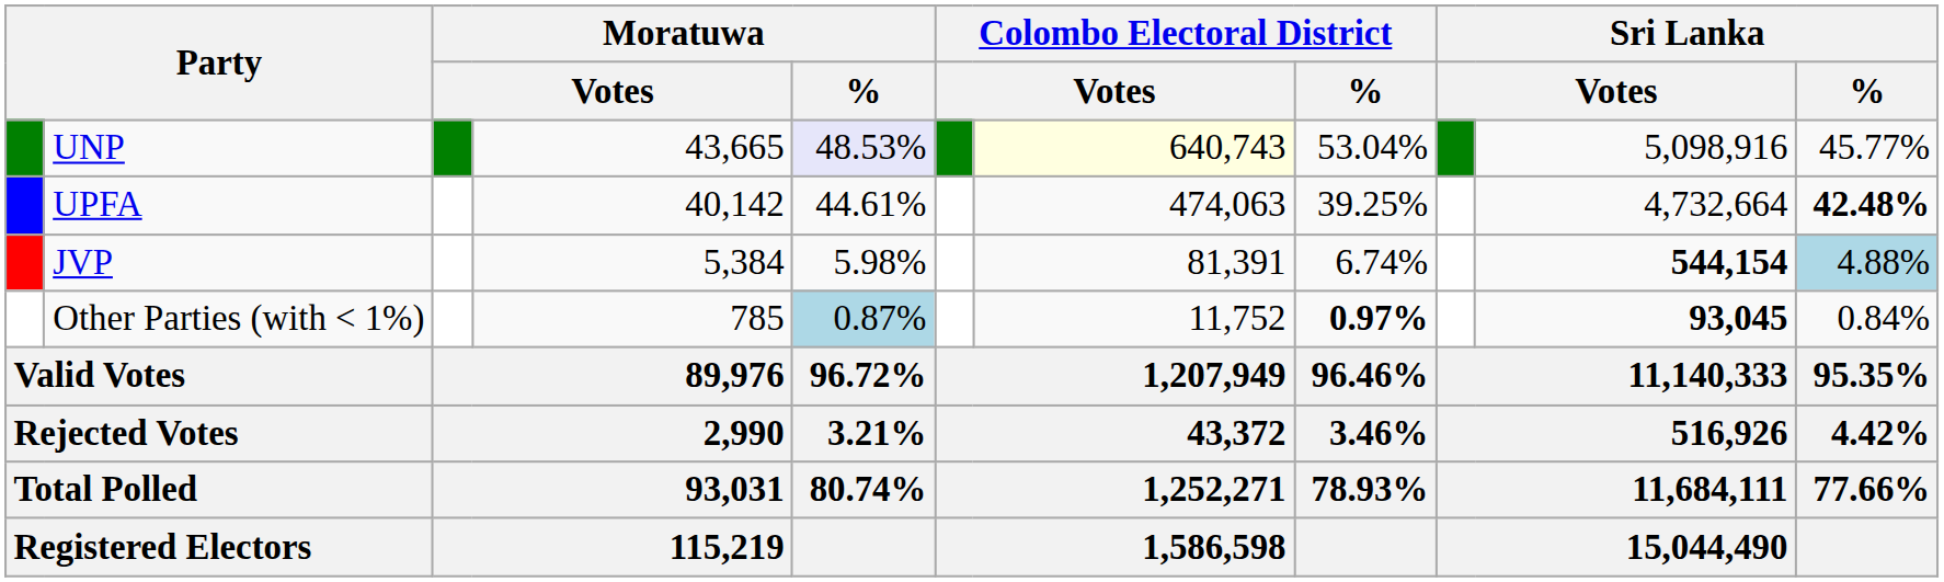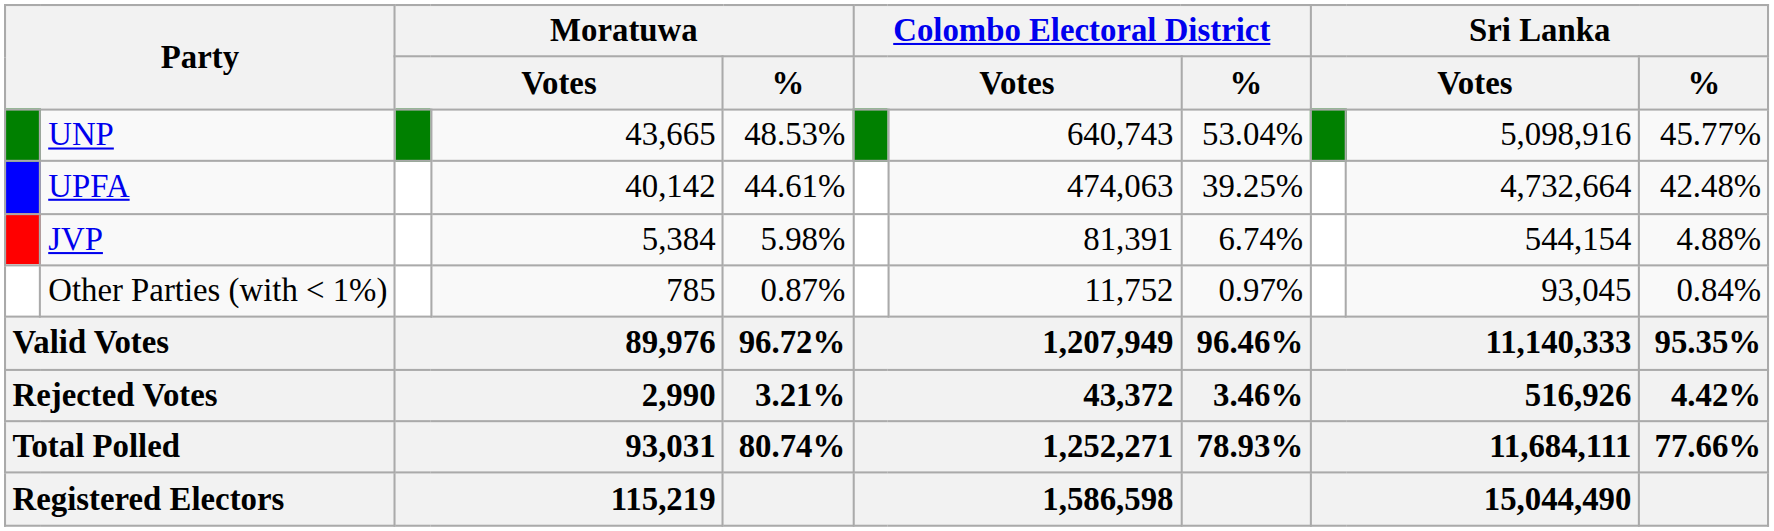 <table class="wikitable">
 <tr>
 <th colspan="2" width="144px"rowspan="2">Party</th>
 <th colspan="3" width="216px">Moratuwa</th>
 <th colspan="3" width="216px"><a href='#'>Colombo Electoral District</a></th>
 <th colspan="3" width="216px">Sri Lanka</th>
 </tr>
 <tr>
 <th colspan="2" width="144px">Votes</th>
 <th>%</th>
 <th colspan="2" width="144px">Votes</th>
 <th>%</th>
 <th colspan="2" width="144px">Votes</th>
 <th>%</th>
 </tr>
 <tr>
 <td style="background-color:green;" width="10px"></td>
 <td style="text-align:left;"><a href='#'>UNP</a></td>
 <td style="background-color:green;" width="10px"></td>
 <td style="text-align:right;">43,665</td>
-<td style="background: lavender; text-align:right;">48.53%</td>
+<td style="text-align:right;">48.53%</td>
 <td style="background-color:green;" width="10px"></td>
-<td style="background: lightyellow; text-align:right;">640,743</td>
+<td style="text-align:right;">640,743</td>
 <td style="text-align:right;">53.04%</td>
 <td style="background-color:green;" width="10px"></td>
 <td style="text-align:right;">5,098,916</td>
 <td style="text-align:right;">45.77%</td>
 </tr>
 <tr>
 <td style="background-color:blue;" width="10px"></td>
 <td style="text-align:left;"><a href='#'>UPFA</a></td>
 <td style="background-color:white;" width="10px"></td>
 <td style="text-align:right;">40,142</td>
 <td style="text-align:right;">44.61%</td>
 <td style="background-color:white;" width="10px"></td>
 <td style="text-align:right;">474,063</td>
 <td style="text-align:right;">39.25%</td>
 <td style="background-color:white;" width="10px"></td>
 <td style="text-align:right;">4,732,664</td>
-<td style="text-align:right;"><strong>42.48%</strong></td>
+<td style="text-align:right;">42.48%</td>
 </tr>
 <tr>
 <td style="background-color:red;" width="10px"></td>
 <td style="text-align:left;"><a href='#'>JVP</a></td>
 <td style="background-color:white;" width="10px"></td>
 <td style="text-align:right;">5,384</td>
 <td style="text-align:right;">5.98%</td>
 <td style="background-color:white;" width="10px"></td>
 <td style="text-align:right;">81,391</td>
 <td style="text-align:right;">6.74%</td>
 <td style="background-color:white;" width="10px"></td>
-<td style="text-align:right;"><strong>544,154</strong></td>
-<td style="background: lightblue; text-align:right;">4.88%</td>
+<td style="text-align:right;">544,154</td>
+<td style="text-align:right;">4.88%</td>
 </tr>
 <tr>
 <td style="background-color:white;" width="10px"></td>
 <td style="text-align:left;">Other Parties (with < 1%)</td>
 <td style="background-color:white;" width="10px"></td>
 <td style="text-align:right;">785</td>
-<td style="background: lightblue; text-align:right;">0.87%</td>
+<td style="text-align:right;">0.87%</td>
 <td style="background-color:white;" width="10px"></td>
 <td style="text-align:right;">11,752</td>
-<td style="text-align:right;"><strong>0.97%</strong></td>
+<td style="text-align:right;">0.97%</td>
 <td style="background-color:white;" width="10px"></td>
-<td style="text-align:right;"><strong>93,045</strong></td>
+<td style="text-align:right;">93,045</td>
 <td style="text-align:right;">0.84%</td>
 </tr>
 <tr>
 <th colspan="2" width="144px"style="text-align:left;">Valid Votes</th>
 <th style="text-align:right;"colspan="2" width="144px">89,976</th>
 <th style="text-align:right;">96.72%</th>
 <th style="text-align:right;"colspan="2" width="144px">1,207,949</th>
 <th style="text-align:right;">96.46%</th>
 <th style="text-align:right;"colspan="2" width="144px">11,140,333</th>
 <th style="text-align:right;">95.35%</th>
 </tr>
 <tr>
 <th colspan="2" width="144px"style="text-align:left;">Rejected Votes</th>
 <th style="text-align:right;"colspan="2" width="144px">2,990</th>
 <th style="text-align:right;">3.21%</th>
 <th style="text-align:right;"colspan="2" width="144px">43,372</th>
 <th style="text-align:right;">3.46%</th>
 <th style="text-align:right;"colspan="2" width="144px">516,926</th>
 <th style="text-align:right;">4.42%</th>
 </tr>
 <tr>
 <th colspan="2" width="144px"style="text-align:left;">Total Polled</th>
 <th style="text-align:right;"colspan="2" width="144px">93,031</th>
 <th style="text-align:right;">80.74%</th>
 <th style="text-align:right;"colspan="2" width="144px">1,252,271</th>
 <th style="text-align:right;">78.93%</th>
 <th style="text-align:right;"colspan="2" width="144px">11,684,111</th>
 <th style="text-align:right;">77.66%</th>
 </tr>
 <tr>
 <th colspan="2" width="144px"style="text-align:left;">Registered Electors</th>
 <th style="text-align:right;"colspan="2" width="144px">115,219</th>
 <th></th>
 <th style="text-align:right;"colspan="2" width="144px">1,586,598</th>
 <th></th>
 <th style="text-align:right;"colspan="2" width="144px">15,044,490</th>
 <th></th>
 </tr>
 </table>
